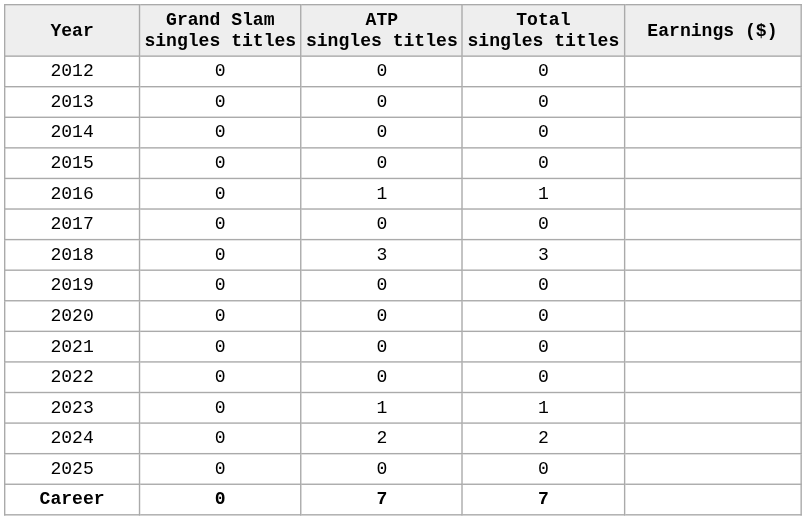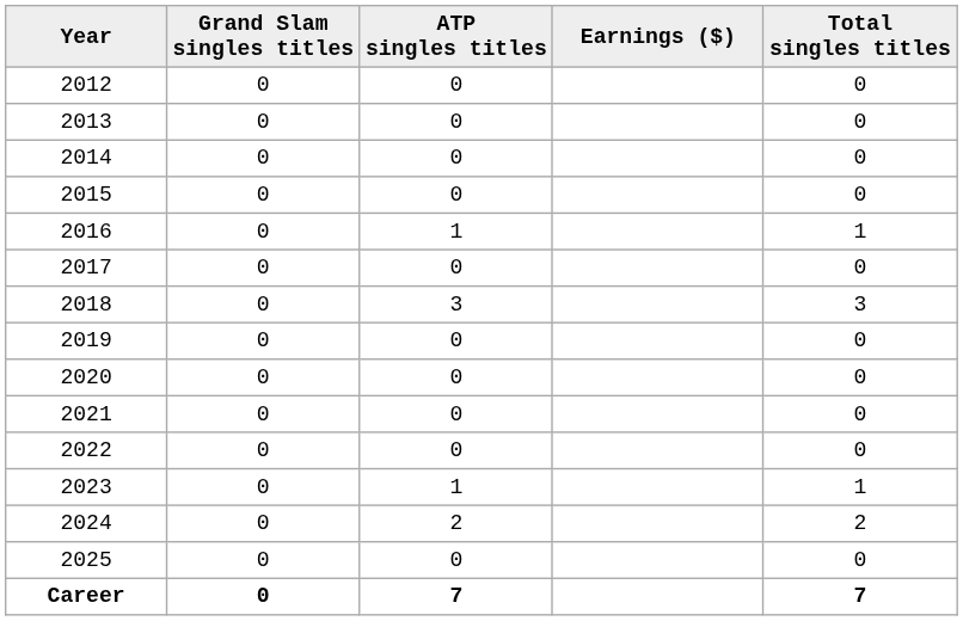 <table cellpadding=3 cellspacing=0 border=1 style=border:#aaa;solid:1px;border-collapse:collapse;text-align:center>
 <tr style=background:#eee>
 <td width=90><strong>Year</strong></td>
 <td><strong>Grand Slam<br>singles titles</strong></td>
 <td><strong>ATP <br>singles titles</strong></td>
+<td width=120><strong>Earnings ($)</strong></td>
 <td><strong>Total<br>singles titles</strong></td>
-<td width=120><strong>Earnings ($)</strong></td>
 </tr>
 <tr>
 <td>2012</td>
 <td>0</td>
 <td>0</td>
+<td align=right></td>
 <td>0</td>
-<td align=right></td>
 </tr>
 <tr>
 <td>2013</td>
 <td>0</td>
 <td>0</td>
+<td align=right></td>
 <td>0</td>
-<td align=right></td>
 </tr>
 <tr>
 <td>2014</td>
 <td>0</td>
 <td>0</td>
+<td align=right></td>
 <td>0</td>
-<td align=right></td>
 </tr>
 <tr>
 <td>2015</td>
 <td>0</td>
 <td>0</td>
+<td align=right></td>
 <td>0</td>
-<td align=right></td>
 </tr>
 <tr>
 <td>2016</td>
 <td>0</td>
 <td>1</td>
+<td align=right></td>
 <td>1</td>
-<td align=right></td>
 </tr>
 <tr>
 <td>2017</td>
 <td>0</td>
 <td>0</td>
+<td align="right"></td>
 <td>0</td>
-<td align="right"></td>
 </tr>
 <tr>
 <td>2018</td>
 <td>0</td>
 <td>3</td>
+<td align="right"></td>
 <td>3</td>
-<td align="right"></td>
 </tr>
 <tr>
 <td>2019</td>
 <td>0</td>
 <td>0</td>
+<td align="right"></td>
 <td>0</td>
-<td align="right"></td>
 </tr>
 <tr>
 <td>2020</td>
 <td>0</td>
 <td>0</td>
+<td align=right></td>
 <td>0</td>
-<td align=right></td>
 </tr>
 <tr>
 <td>2021</td>
 <td>0</td>
 <td>0</td>
+<td align=right></td>
 <td>0</td>
-<td align=right></td>
 </tr>
 <tr>
 <td>2022</td>
 <td>0</td>
 <td>0</td>
+<td align=right></td>
 <td>0</td>
-<td align=right></td>
 </tr>
 <tr>
 <td>2023</td>
 <td>0</td>
 <td>1</td>
+<td align=right></td>
 <td>1</td>
-<td align=right></td>
 </tr>
 <tr>
 <td>2024</td>
 <td>0</td>
 <td>2</td>
+<td align=right></td>
 <td>2</td>
-<td align=right></td>
 </tr>
 <tr>
 <td>2025</td>
 <td>0</td>
 <td>0</td>
+<td align=right></td>
 <td>0</td>
-<td align=right></td>
 </tr>
 <tr style=weight:bold>
 <th>Career</th>
 <th>0</th>
 <th>7</th>
+<th align=right></th>
 <th>7</th>
-<th align=right></th>
 </tr>
 </table>
